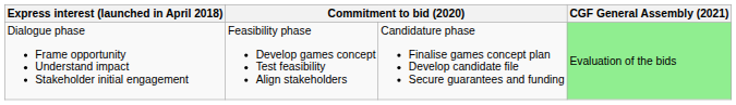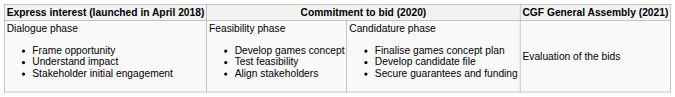 <table class="wikitable">
 <tr>
 <th>Express interest (launched in April 2018)</th>
 <th colspan="2">Commitment to bid (2020)</th>
 <th>CGF General Assembly (2021)</th>
 </tr>
 <tr>
 <td>Dialogue phase<br><ul><li>Frame opportunity</li><li>Understand impact</li><li>Stakeholder initial engagement</li></ul></td>
 <td>Feasibility phase<br><ul><li>Develop games concept</li><li>Test feasibility</li><li>Align stakeholders</li></ul></td>
 <td>Candidature phase<br><ul><li>Finalise games concept plan</li><li>Develop candidate file</li><li>Secure guarantees and funding</li></ul></td>
-<td style="background: lightgreen;">Evaluation of the bids</td>
+<td>Evaluation of the bids</td>
 </tr>
 </table>
